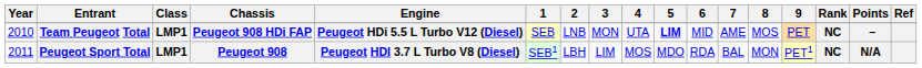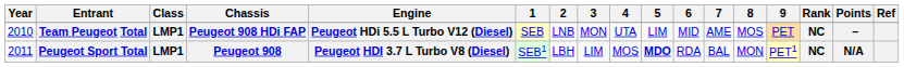 <table class="wikitable" style="text-align:center; font-size:85%">
 <tr>
 <th>Year</th>
 <th>Entrant</th>
 <th>Class</th>
 <th>Chassis</th>
 <th>Engine</th>
 <th>1</th>
 <th>2</th>
 <th>3</th>
 <th>4</th>
 <th>5</th>
 <th>6</th>
 <th>7</th>
 <th>8</th>
 <th>9</th>
 <th>Rank</th>
 <th>Points</th>
 <th>Ref</th>
 </tr>
 <tr>
 </tr>
 <tr>
 <td><a href='#'>2010</a></td>
 <th nowrap><a href='#'>Team Peugeot</a> <a href='#'>Total</a></th>
 <th>LMP1</th>
 <th nowrap><a href='#'>Peugeot 908 HDi FAP</a></th>
 <th nowrap><a href='#'>Peugeot</a> HDi 5.5 L Turbo V12 (<a href='#'>Diesel</a>)</th>
 <td style="background:#FFFFBF;"><a href='#'>SEB</a><br></td>
 <td><a href='#'>LNB</a></td>
 <td><a href='#'>MON</a></td>
 <td><a href='#'>UTA</a></td>
-<td><strong><a href='#'>LIM</a></strong></td>
+<td><a href='#'>LIM</a></td>
 <td><a href='#'>MID</a></td>
 <td><a href='#'>AME</a></td>
 <td><a href='#'>MOS</a></td>
 <td style="background:#FFDF9F;"><a href='#'>PET</a><br></td>
 <th>NC</th>
 <th> –</th>
 <th></th>
 </tr>
 <tr>
 <td><a href='#'>2011</a></td>
 <th nowrap><a href='#'>Peugeot Sport Total</a></th>
 <th>LMP1</th>
 <th nowrap><a href='#'>Peugeot 908</a></th>
 <th nowrap><a href='#'>Peugeot</a> <a href='#'>HDI</a> 3.7 L Turbo V8 (<a href='#'>Diesel</a>)</th>
 <td style="background:#dfffdf;"><a href='#'>SEB<sup>1</sup></a><br></td>
 <td><a href='#'>LBH</a></td>
 <td><a href='#'>LIM</a></td>
 <td><a href='#'>MOS</a></td>
-<td><a href='#'>MDO</a></td>
+<td><strong><a href='#'>MDO</a></strong></td>
 <td><a href='#'>RDA</a></td>
 <td><a href='#'>BAL</a></td>
 <td><a href='#'>MON</a></td>
 <td style="background:#FFFFBF;"><a href='#'>PET<sup>1</sup></a><br></td>
 <th>NC</th>
 <th>N/A</th>
 <th></th>
 </tr>
 </table>
